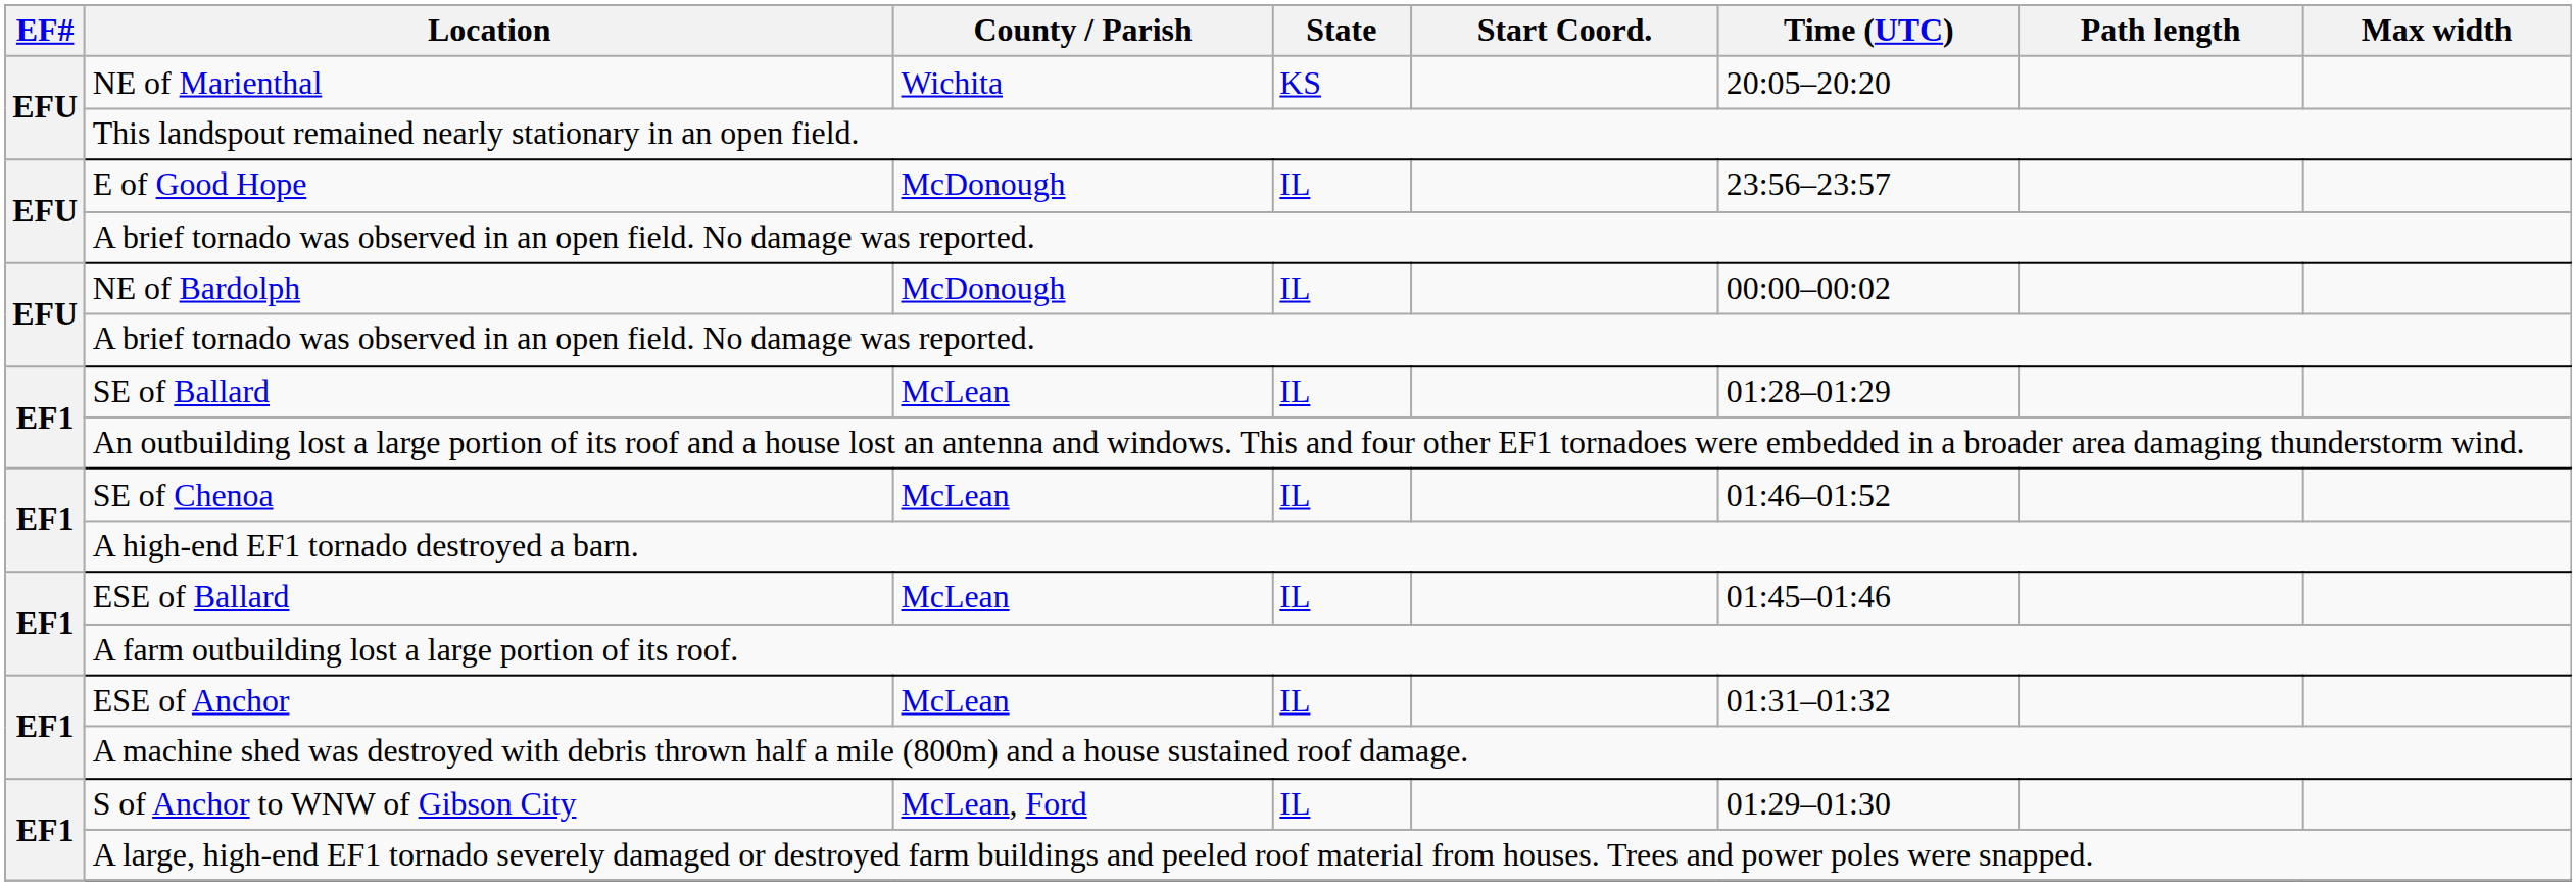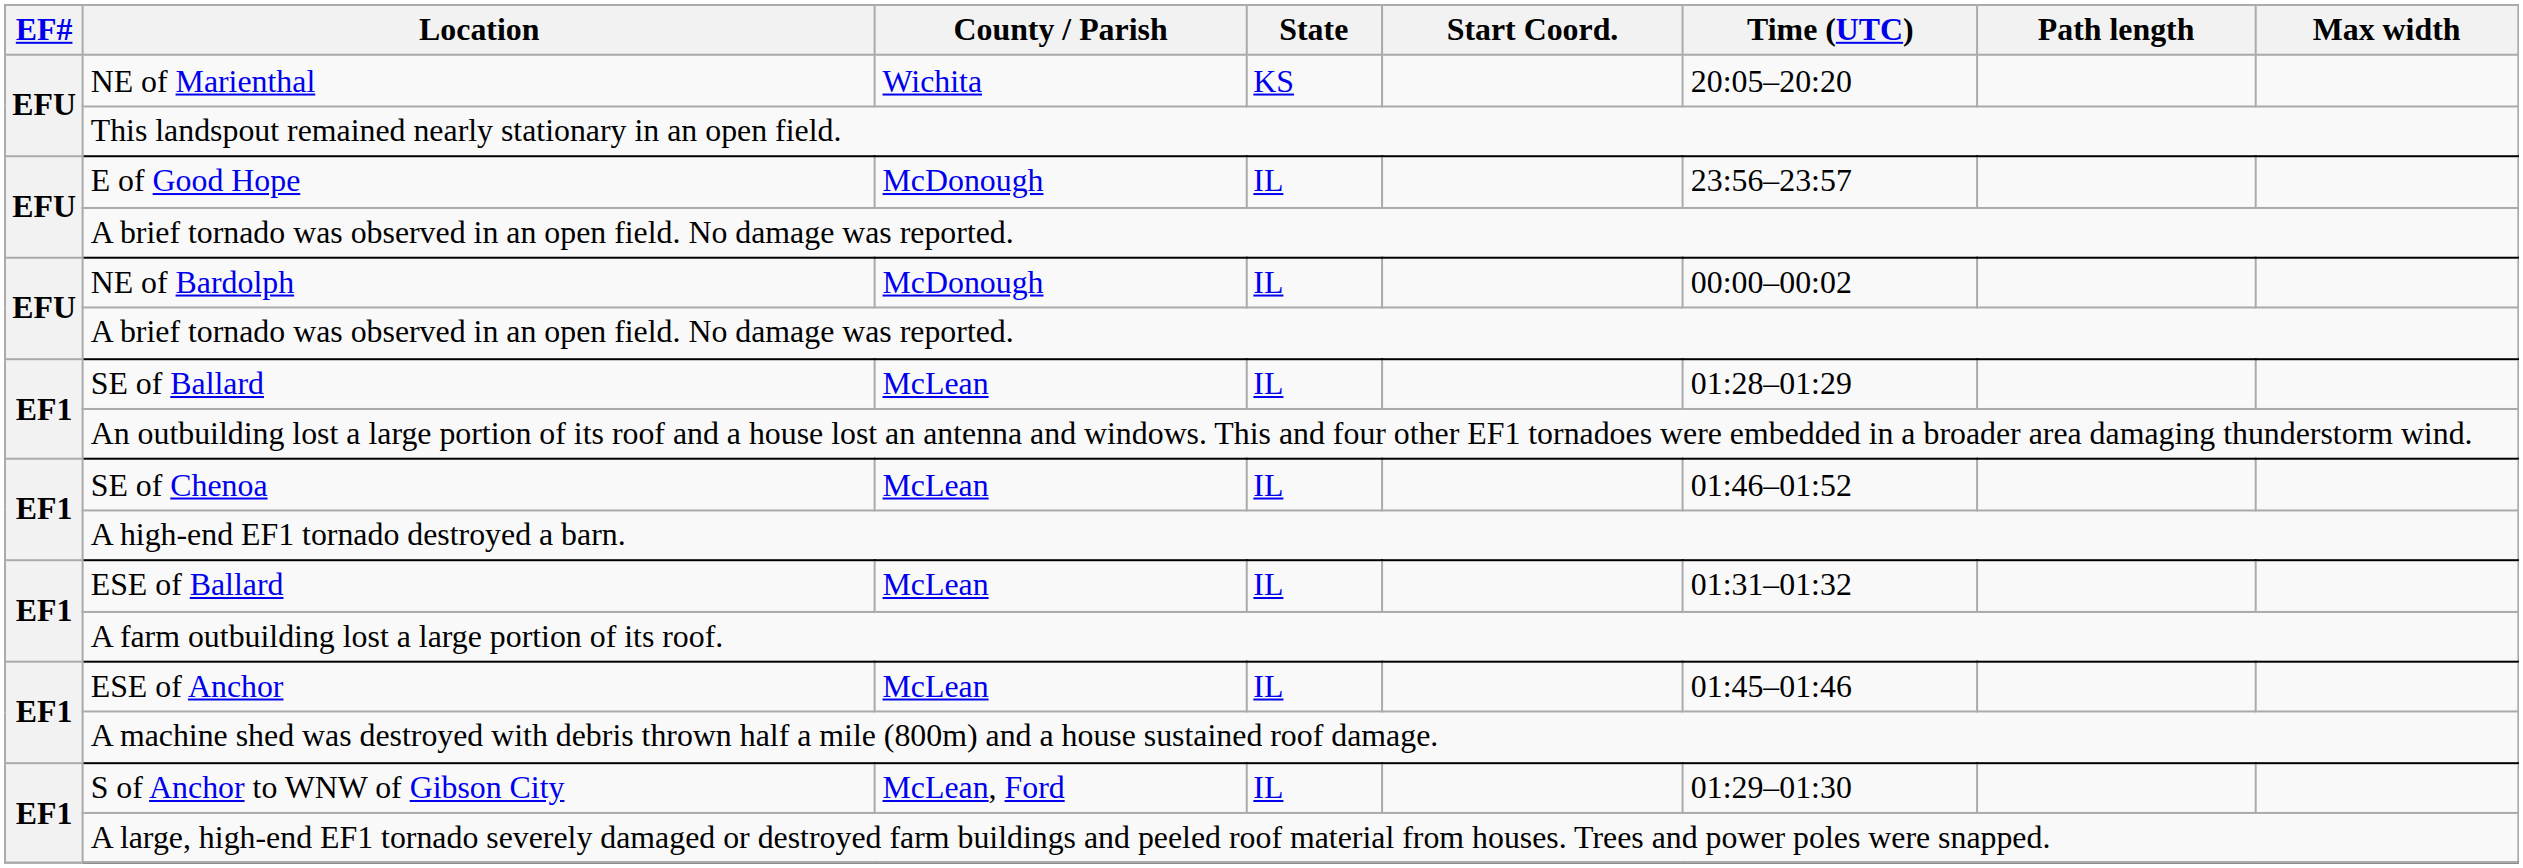 <table class="wikitable sortable" style="width:100%;">
 <tr>
 <th scope="col" width="2%" align="center"><a href='#'>EF#</a></th>
 <th scope="col" align="center" class="unsortable">Location</th>
 <th scope="col" align="center" class="unsortable">County / Parish</th>
 <th scope="col" align="center">State</th>
 <th scope="col" align="center">Start Coord.</th>
 <th scope="col" align="center">Time (<a href='#'>UTC</a>)</th>
 <th scope="col" align="center">Path length</th>
 <th scope="col" align="center">Max width</th>
 </tr>
 <tr>
 <th scope="row" rowspan="2" style="background-color:#">EFU</th>
 <td>NE of <a href='#'>Marienthal</a></td>
 <td><a href='#'>Wichita</a></td>
 <td><a href='#'>KS</a></td>
 <td></td>
 <td>20:05–20:20</td>
 <td></td>
 <td></td>
 </tr>
 <tr class="expand-child">
 <td colspan="8" style=" border-bottom: 1px solid black;">This landspout remained nearly stationary in an open field.</td>
 </tr>
 <tr>
 <th scope="row" rowspan="2" style="background-color:#">EFU</th>
 <td>E of <a href='#'>Good Hope</a></td>
 <td><a href='#'>McDonough</a></td>
 <td><a href='#'>IL</a></td>
 <td></td>
 <td>23:56–23:57</td>
 <td></td>
 <td></td>
 </tr>
 <tr class="expand-child">
 <td colspan="8" style=" border-bottom: 1px solid black;">A brief tornado was observed in an open field. No damage was reported.</td>
 </tr>
 <tr>
 <th scope="row" rowspan="2" style="background-color:#">EFU</th>
 <td>NE of <a href='#'>Bardolph</a></td>
 <td><a href='#'>McDonough</a></td>
 <td><a href='#'>IL</a></td>
 <td></td>
 <td>00:00–00:02</td>
 <td></td>
 <td></td>
 </tr>
 <tr class="expand-child">
 <td colspan="8" style=" border-bottom: 1px solid black;">A brief tornado was observed in an open field. No damage was reported.</td>
 </tr>
 <tr>
 <th scope="row" rowspan="2" style="background-color:#">EF1</th>
 <td>SE of <a href='#'>Ballard</a></td>
 <td><a href='#'>McLean</a></td>
 <td><a href='#'>IL</a></td>
 <td></td>
 <td>01:28–01:29</td>
 <td></td>
 <td></td>
 </tr>
 <tr class="expand-child">
 <td colspan="8" style=" border-bottom: 1px solid black;">An outbuilding lost a large portion of its roof and a house lost an antenna and windows. This and four other EF1 tornadoes were embedded in a broader area damaging thunderstorm wind.</td>
 </tr>
 <tr>
 <th scope="row" rowspan="2" style="background-color:#">EF1</th>
 <td>SE of <a href='#'>Chenoa</a></td>
 <td><a href='#'>McLean</a></td>
 <td><a href='#'>IL</a></td>
 <td></td>
 <td>01:46–01:52</td>
 <td></td>
 <td></td>
 </tr>
 <tr class="expand-child">
 <td colspan="8" style=" border-bottom: 1px solid black;">A high-end EF1 tornado destroyed a barn.</td>
 </tr>
 <tr>
 <th scope="row" rowspan="2" style="background-color:#">EF1</th>
 <td>ESE of <a href='#'>Ballard</a></td>
 <td><a href='#'>McLean</a></td>
 <td><a href='#'>IL</a></td>
 <td></td>
-<td>01:45–01:46</td>
+<td>01:31–01:32</td>
 <td></td>
 <td></td>
 </tr>
 <tr class="expand-child">
 <td colspan="8" style=" border-bottom: 1px solid black;">A farm outbuilding lost a large portion of its roof.</td>
 </tr>
 <tr>
 <th scope="row" rowspan="2" style="background-color:#">EF1</th>
 <td>ESE of <a href='#'>Anchor</a></td>
 <td><a href='#'>McLean</a></td>
 <td><a href='#'>IL</a></td>
 <td></td>
-<td>01:31–01:32</td>
+<td>01:45–01:46</td>
 <td></td>
 <td></td>
 </tr>
 <tr class="expand-child">
 <td colspan="8" style=" border-bottom: 1px solid black;">A machine shed was destroyed with debris thrown half a mile (800m) and a house sustained roof damage.</td>
 </tr>
 <tr>
 <th scope="row" rowspan="2" style="background-color:#">EF1</th>
 <td>S of <a href='#'>Anchor</a> to WNW of <a href='#'>Gibson City</a></td>
 <td><a href='#'>McLean</a>, <a href='#'>Ford</a></td>
 <td><a href='#'>IL</a></td>
 <td></td>
 <td>01:29–01:30</td>
 <td></td>
 <td></td>
 </tr>
 <tr class="expand-child">
 <td colspan="8" style=" border-bottom: 1px solid black;">A large, high-end EF1 tornado severely damaged or destroyed farm buildings and peeled roof material from houses. Trees and power poles were snapped.</td>
 </tr>
 <tr>
 </tr>
 </table>
